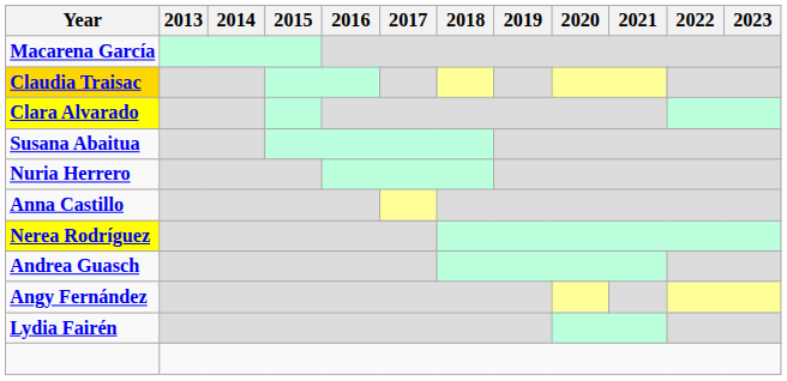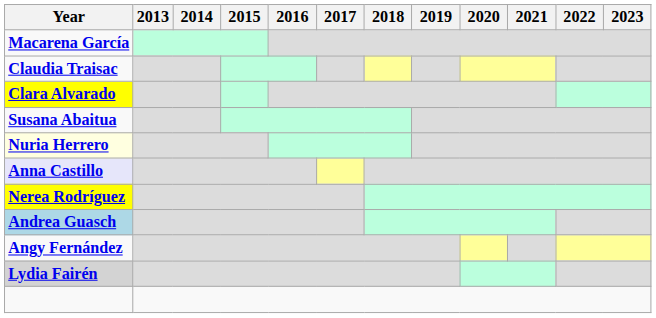 <table class="wikitable">
 <tr>
 <th colspan="">Year</th>
 <th>2013</th>
 <th width="40" !>2014</th>
 <th width="40" !>2015</th>
 <th width="40" !>2016</th>
 <th width="40" !>2017</th>
 <th width="40">2018</th>
 <th width="40">2019</th>
 <th width="40">2020</th>
 <th width="40">2021</th>
 <th width="40">2022</th>
 <th width="40">2023</th>
 </tr>
 <tr>
 <td><strong><a href='#'>Macarena García</a></strong></td>
 <td colspan="3" bgcolor="#bfd"></td>
 <td colspan="8" bgcolor="#DCDCDC"></td>
 </tr>
 <tr>
-<td style="background: gold;"><strong><a href='#'>Claudia Traisac</a></strong></td>
+<td><strong><a href='#'>Claudia Traisac</a></strong></td>
 <td colspan="2" bgcolor="#DCDCDC"></td>
 <td colspan="2" bgcolor="#bfd"></td>
 <td colspan="1" bgcolor="#DCDCDC"></td>
 <td colspan="1" bgcolor="#FF9" align=center></td>
 <td colspan="1" bgcolor="#DCDCDC"></td>
 <td colspan="2" bgcolor="#FF9" align=center></td>
 <td colspan="2" bgcolor="#DCDCDC"></td>
 </tr>
 <tr>
 <td colspan="1" bgcolor="yellow"><strong><a href='#'>Clara Alvarado</a></strong></td>
 <td colspan="2" bgcolor="#DCDCDC"></td>
 <td colspan="1" bgcolor="#bfd"></td>
 <td colspan="6" bgcolor="#DCDCDC"></td>
 <td colspan="2" bgcolor="#bfd"></td>
 </tr>
 <tr>
 <td><strong><a href='#'>Susana Abaitua</a></strong></td>
 <td colspan="2" bgcolor="#DCDCDC"></td>
 <td colspan="4" bgcolor="#bfd"></td>
 <td colspan="5" bgcolor="#DCDCDC"></td>
 </tr>
 <tr>
-<td><strong><a href='#'>Nuria Herrero</a></strong></td>
+<td style="background: lightyellow;"><strong><a href='#'>Nuria Herrero</a></strong></td>
 <td colspan="3" bgcolor="#DCDCDC"></td>
 <td colspan="3" bgcolor="#bfd"></td>
 <td colspan="5" bgcolor="#DCDCDC"></td>
 </tr>
 <tr>
-<td><strong><a href='#'>Anna Castillo</a></strong></td>
+<td style="background: lavender;"><strong><a href='#'>Anna Castillo</a></strong></td>
 <td colspan="4" bgcolor="#DCDCDC"></td>
 <td colspan="1" bgcolor="#FF9"></td>
 <td colspan="6" bgcolor="#DCDCDC"></td>
 </tr>
 <tr>
 <td colspan="1" bgcolor="yellow"><strong><a href='#'>Nerea Rodríguez</a></strong></td>
 <td colspan="5" bgcolor="#DCDCDC"></td>
 <td colspan="6" bgcolor="#bfd"></td>
 </tr>
 <tr>
-<td><strong><a href='#'>Andrea Guasch</a></strong></td>
+<td style="background: lightblue;"><strong><a href='#'>Andrea Guasch</a></strong></td>
 <td colspan="5" bgcolor="#DCDCDC"></td>
 <td colspan="4" bgcolor="#bfd"></td>
 <td colspan="2" bgcolor="#DCDCDC"></td>
 </tr>
 <tr>
 <td><strong><a href='#'>Angy Fernández</a></strong></td>
 <td colspan="7" bgcolor="#DCDCDC"></td>
 <td colspan="1" bgcolor="#FF9"></td>
 <td colspan="1" bgcolor="#DCDCDC"></td>
 <td colspan="2" bgcolor="#FF9"></td>
 </tr>
 <tr>
-<td><strong><a href='#'>Lydia Fairén</a></strong></td>
+<td style="background: lightgrey;"><strong><a href='#'>Lydia Fairén</a></strong></td>
 <td colspan="7" bgcolor="#DCDCDC"></td>
 <td colspan="2" bgcolor="#bfd"></td>
 <td colspan="2" bgcolor="#DCDCDC"></td>
 </tr>
 <tr>
 <td><br></td>
 </tr>
 </table>
